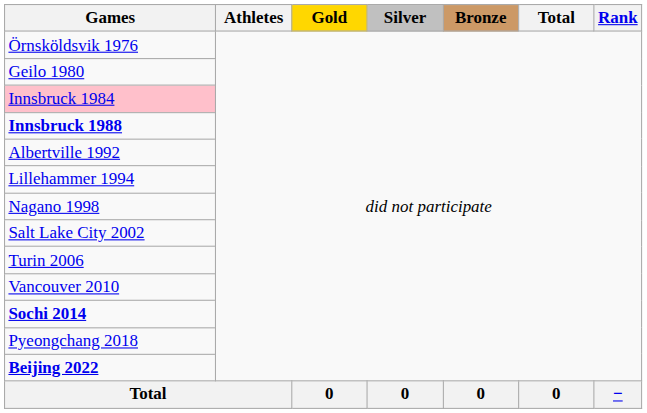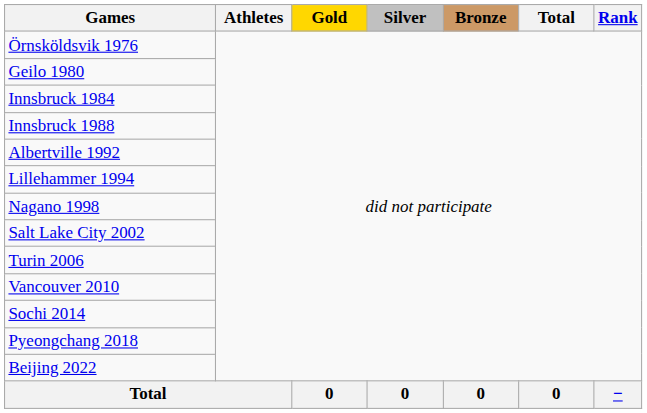 <table class="wikitable" style="text-align:center; font-size:100%;">
 <tr>
 <th style="width:12em;">Games</th>
 <th style="width:4em;">Athletes</th>
 <th style="width:4em; background:gold;">Gold</th>
 <th style="width:4em; background:silver;">Silver</th>
 <th style="width:4em; background:#cc9966;">Bronze</th>
 <th style="width:4em;">Total</th>
 <th style="width:2em;"><a href='#'>Rank</a></th>
 </tr>
 <tr>
 <td align=left> <a href='#'>Örnsköldsvik 1976</a></td>
 <td colspan=6 rowspan="13"><em>did not participate</em></td>
 </tr>
 <tr>
 <td align=left> <a href='#'>Geilo 1980</a></td>
 </tr>
 <tr>
-<td align=left style="background: pink;"> <a href='#'>Innsbruck 1984</a></td>
+<td align=left> <a href='#'>Innsbruck 1984</a></td>
 </tr>
 <tr>
-<td align=left><strong> <a href='#'>Innsbruck 1988</a></strong></td>
+<td align=left> <a href='#'>Innsbruck 1988</a></td>
 </tr>
 <tr>
 <td align=left> <a href='#'>Albertville 1992</a></td>
 </tr>
 <tr>
 <td align=left> <a href='#'>Lillehammer 1994</a></td>
 </tr>
 <tr>
 <td align=left> <a href='#'>Nagano 1998</a></td>
 </tr>
 <tr>
 <td align=left> <a href='#'>Salt Lake City 2002</a></td>
 </tr>
 <tr>
 <td align=left> <a href='#'>Turin 2006</a></td>
 </tr>
 <tr>
 <td align=left> <a href='#'>Vancouver 2010</a></td>
 </tr>
 <tr>
-<td align=left><strong> <a href='#'>Sochi 2014</a></strong></td>
+<td align=left> <a href='#'>Sochi 2014</a></td>
 </tr>
 <tr>
 <td align=left> <a href='#'>Pyeongchang 2018</a></td>
 </tr>
 <tr>
-<td align=left><strong> <a href='#'>Beijing 2022</a></strong></td>
+<td align=left> <a href='#'>Beijing 2022</a></td>
 </tr>
 <tr>
 <th colspan=2>Total</th>
 <th>0</th>
 <th>0</th>
 <th>0</th>
 <th>0</th>
 <th><a href='#'>−</a></th>
 </tr>
 </table>
